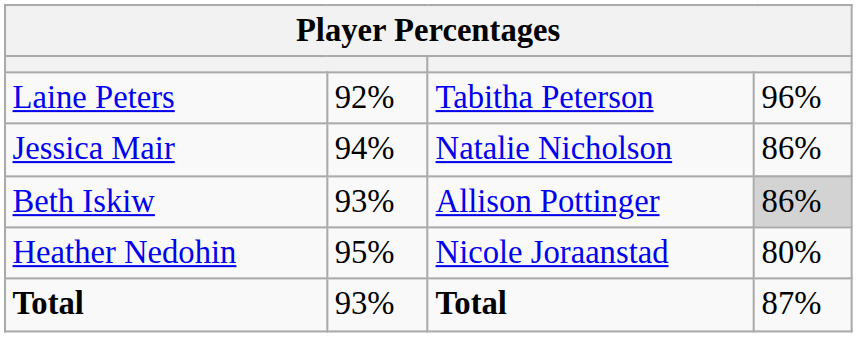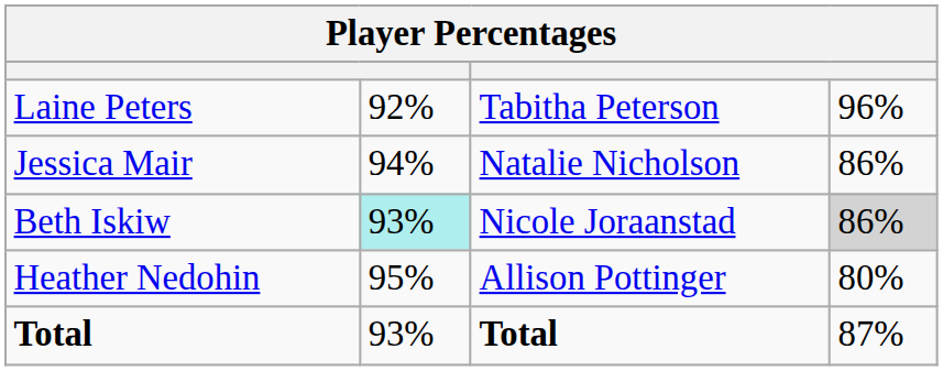 <table class="wikitable">
 <tr>
 <th colspan=4 width=400>Player Percentages</th>
 </tr>
 <tr>
 <th colspan=2 width=200></th>
 <th colspan=2 width=200></th>
 </tr>
 <tr>
 <td><a href='#'>Laine Peters</a></td>
 <td>92%</td>
 <td><a href='#'>Tabitha Peterson</a></td>
 <td>96%</td>
 </tr>
 <tr>
 <td><a href='#'>Jessica Mair</a></td>
 <td>94%</td>
 <td><a href='#'>Natalie Nicholson</a></td>
 <td>86%</td>
 </tr>
 <tr>
 <td><a href='#'>Beth Iskiw</a></td>
-<td>93%</td>
-<td><a href='#'>Allison Pottinger</a></td>
+<td style="background: paleturquoise;">93%</td>
+<td><a href='#'>Nicole Joraanstad</a></td>
 <td style="background: lightgrey;">86%</td>
 </tr>
 <tr>
 <td><a href='#'>Heather Nedohin</a></td>
 <td>95%</td>
-<td><a href='#'>Nicole Joraanstad</a></td>
+<td><a href='#'>Allison Pottinger</a></td>
 <td>80%</td>
 </tr>
 <tr>
 <td><strong>Total</strong></td>
 <td>93%</td>
 <td><strong>Total</strong></td>
 <td>87%</td>
 </tr>
 </table>
